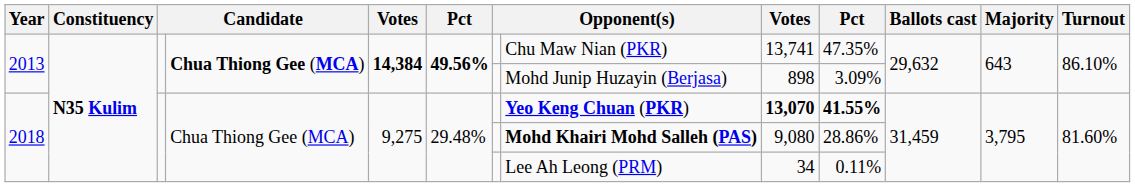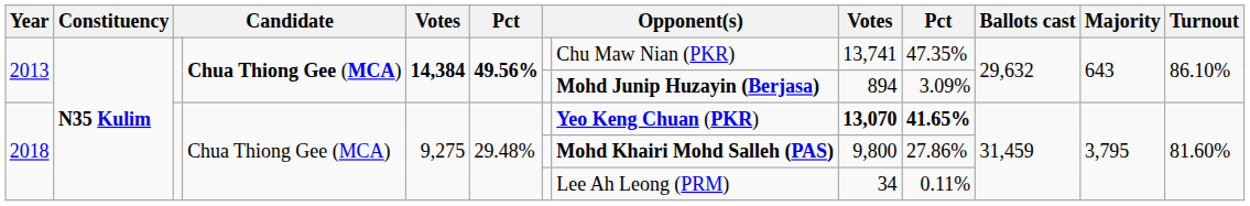 <table class="wikitable" style="margin:0.5em ; font-size:95%">
 <tr>
 <th>Year</th>
 <th>Constituency</th>
 <th colspan=2>Candidate</th>
 <th>Votes</th>
 <th>Pct</th>
 <th colspan=2>Opponent(s)</th>
 <th>Votes</th>
 <th>Pct</th>
 <th>Ballots cast</th>
 <th>Majority</th>
 <th>Turnout</th>
 </tr>
 <tr>
 <td rowspan=2><a href='#'>2013</a></td>
 <td rowspan=5><strong>N35 <a href='#'>Kulim</a></strong></td>
 <td rowspan=2 ></td>
 <td rowspan=2><strong>Chua Thiong Gee</strong> (<a href='#'><strong>MCA</strong></a>)</td>
 <td rowspan=2 align=right><strong>14,384</strong></td>
 <td rowspan=2><strong>49.56%</strong></td>
 <td></td>
 <td>Chu Maw Nian (<a href='#'>PKR</a>)</td>
 <td align=right>13,741</td>
 <td>47.35%</td>
 <td rowspan=2>29,632</td>
 <td rowspan=2>643</td>
 <td rowspan=2>86.10%</td>
 </tr>
 <tr>
 <td bgcolor=></td>
-<td>Mohd Junip Huzayin (<a href='#'>Berjasa</a>)</td>
-<td align=right>898</td>
+<td><strong>Mohd Junip Huzayin (<a href='#'>Berjasa</a>)</strong></td>
+<td align=right>894</td>
 <td align=right>3.09%</td>
 </tr>
 <tr>
 <td rowspan=3><a href='#'>2018</a></td>
 <td rowspan=3 ></td>
 <td rowspan=3>Chua Thiong Gee (<a href='#'>MCA</a>)</td>
 <td rowspan=3 align=right>9,275</td>
 <td rowspan=3>29.48%</td>
 <td></td>
 <td><strong><a href='#'>Yeo Keng Chuan</a></strong> (<a href='#'><strong>PKR</strong></a>)</td>
 <td align=right><strong>13,070</strong></td>
-<td><strong>41.55%</strong></td>
+<td><strong>41.65%</strong></td>
 <td rowspan=3>31,459</td>
 <td rowspan=3>3,795</td>
 <td rowspan=3>81.60%</td>
 </tr>
 <tr>
 <td></td>
 <td><strong>Mohd Khairi Mohd Salleh (<a href='#'>PAS</a>)</strong></td>
-<td align=right>9,080</td>
-<td>28.86%</td>
+<td align=right>9,800</td>
+<td>27.86%</td>
 </tr>
 <tr>
 <td bgcolor=></td>
 <td>Lee Ah Leong (<a href='#'>PRM</a>)</td>
 <td align=right>34</td>
 <td align=right>0.11%</td>
 </tr>
 </table>
